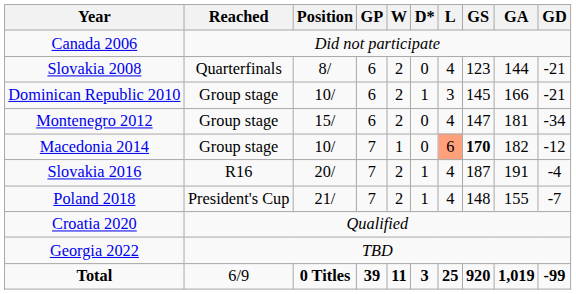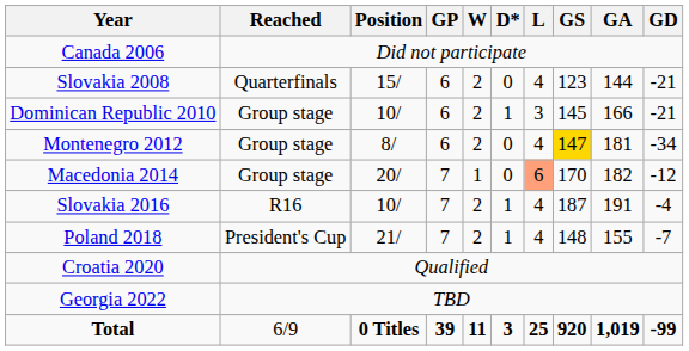 <table class="wikitable" style="text-align: center;">
 <tr>
 <th>Year</th>
 <th>Reached</th>
 <th>Position</th>
 <th>GP</th>
 <th>W</th>
 <th>D*</th>
 <th>L</th>
 <th>GS</th>
 <th>GA</th>
 <th>GD</th>
 </tr>
 <tr>
 <td><a href='#'>Canada 2006</a></td>
 <td colspan="9"><em>Did not participate</em></td>
 </tr>
 <tr>
 <td><a href='#'>Slovakia 2008</a></td>
 <td>Quarterfinals</td>
-<td>8/</td>
+<td>15/</td>
 <td>6</td>
 <td>2</td>
 <td>0</td>
 <td>4</td>
 <td>123</td>
 <td>144</td>
 <td>-21</td>
 </tr>
 <tr>
 <td><a href='#'>Dominican Republic 2010</a></td>
 <td>Group stage</td>
 <td>10/</td>
 <td>6</td>
 <td>2</td>
 <td>1</td>
 <td>3</td>
 <td>145</td>
 <td>166</td>
 <td>-21</td>
 </tr>
 <tr>
 <td><a href='#'>Montenegro 2012</a></td>
 <td>Group stage</td>
-<td>15/</td>
+<td>8/</td>
 <td>6</td>
 <td>2</td>
 <td>0</td>
 <td>4</td>
-<td>147</td>
+<td style="background: gold;">147</td>
 <td>181</td>
 <td>-34</td>
 </tr>
 <tr>
 <td><a href='#'>Macedonia 2014</a></td>
 <td>Group stage</td>
-<td>10/</td>
+<td>20/</td>
 <td>7</td>
 <td>1</td>
 <td>0</td>
 <td style="background: lightsalmon;">6</td>
-<td><strong>170</strong></td>
+<td>170</td>
 <td>182</td>
 <td>-12</td>
 </tr>
 <tr>
 <td><a href='#'>Slovakia 2016</a></td>
 <td>R16</td>
-<td>20/</td>
+<td>10/</td>
 <td>7</td>
 <td>2</td>
 <td>1</td>
 <td>4</td>
 <td>187</td>
 <td>191</td>
 <td>-4</td>
 </tr>
 <tr>
 <td><a href='#'>Poland 2018</a></td>
 <td>President's Cup</td>
 <td>21/</td>
 <td>7</td>
 <td>2</td>
 <td>1</td>
 <td>4</td>
 <td>148</td>
 <td>155</td>
 <td>-7</td>
 </tr>
 <tr>
 <td><a href='#'>Croatia 2020</a></td>
 <td colspan="9"><em>Qualified</em></td>
 </tr>
 <tr>
 <td><a href='#'>Georgia 2022</a></td>
 <td colspan="9"><em>TBD</em></td>
 </tr>
 <tr>
 <td><strong>Total</strong></td>
 <td>6/9</td>
 <td><strong>0 Titles</strong></td>
 <td><strong>39</strong></td>
 <td><strong>11</strong></td>
 <td><strong>3</strong></td>
 <td><strong>25</strong></td>
 <td><strong>920</strong></td>
 <td><strong>1,019</strong></td>
 <td><strong>-99</strong></td>
 </tr>
 </table>
